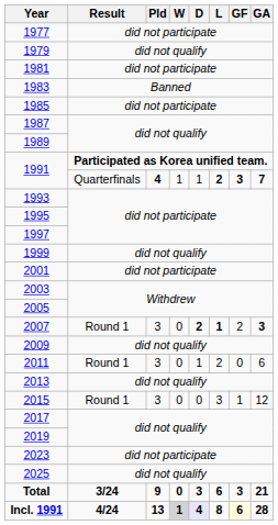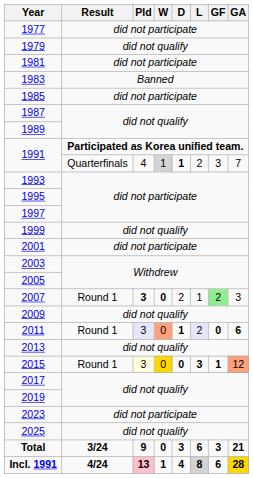 <table class="wikitable" style="text-align: center">
 <tr>
 <th width=80>Year</th>
 <th width=100>Result</th>
 <th width=20>Pld</th>
 <th width=20>W</th>
 <th width=20>D</th>
 <th width=20>L</th>
 <th width=20>GF</th>
 <th width=20>GA</th>
 </tr>
 <tr>
 <td> <a href='#'>1977</a></td>
 <td colspan=7><em>did not participate</em></td>
 </tr>
 <tr>
 <td> <a href='#'>1979</a></td>
 <td colspan=7><em>did not qualify</em></td>
 </tr>
 <tr>
 <td> <a href='#'>1981</a></td>
 <td colspan=7><em>did not participate</em></td>
 </tr>
 <tr>
 <td> <a href='#'>1983</a></td>
 <td colspan=7><em>Banned</em></td>
 </tr>
 <tr>
 <td> <a href='#'>1985</a></td>
 <td colspan=7><em>did not participate</em></td>
 </tr>
 <tr>
 <td> <a href='#'>1987</a></td>
 <td colspan=7 rowspan=2><em>did not qualify</em></td>
 </tr>
 <tr>
 <td> <a href='#'>1989</a></td>
 </tr>
 <tr>
 <td rowspan="2"> <a href='#'>1991</a></td>
 <td colspan="7"><strong>Participated as  Korea unified team.</strong></td>
 </tr>
 <tr>
 <td>Quarterfinals</td>
-<td><strong>4</strong></td>
-<td>1</td>
-<td>1</td>
-<td><strong>2</strong></td>
-<td><strong>3</strong></td>
-<td><strong>7</strong></td>
+<td>4</td>
+<td style="background: lightgrey;">1</td>
+<td><strong>1</strong></td>
+<td>2</td>
+<td>3</td>
+<td>7</td>
 </tr>
 <tr>
 <td> <a href='#'>1993</a></td>
 <td colspan=7 rowspan=3><em>did not participate</em></td>
 </tr>
 <tr>
 <td> <a href='#'>1995</a></td>
 </tr>
 <tr>
 <td> <a href='#'>1997</a></td>
 </tr>
 <tr>
 <td> <a href='#'>1999</a></td>
 <td colspan=7><em>did not qualify</em></td>
 </tr>
 <tr>
 <td> <a href='#'>2001</a></td>
 <td colspan=7><em>did not participate</em></td>
 </tr>
 <tr>
 <td> <a href='#'>2003</a></td>
 <td colspan=7 rowspan=2><em>Withdrew</em></td>
 </tr>
 <tr>
 <td> <a href='#'>2005</a></td>
 </tr>
 <tr>
 <td> <a href='#'>2007</a></td>
 <td>Round 1</td>
+<td><strong>3</strong></td>
+<td><strong>0</strong></td>
+<td>2</td>
+<td>1</td>
+<td style="background: lightgreen;">2</td>
 <td>3</td>
-<td>0</td>
-<td><strong>2</strong></td>
-<td><strong>1</strong></td>
-<td>2</td>
-<td><strong>3</strong></td>
 </tr>
 <tr>
 <td> <a href='#'>2009</a></td>
 <td colspan=7><em>did not qualify</em></td>
 </tr>
 <tr>
 <td> <a href='#'>2011</a></td>
 <td>Round 1</td>
-<td>3</td>
-<td>0</td>
-<td>1</td>
-<td>2</td>
-<td>0</td>
-<td>6</td>
+<td style="background: lavender;">3</td>
+<td style="background: lightsalmon;">0</td>
+<td><strong>1</strong></td>
+<td style="background: lavender;">2</td>
+<td><strong>0</strong></td>
+<td><strong>6</strong></td>
 </tr>
 <tr>
 <td> <a href='#'>2013</a></td>
 <td colspan=7><em>did not qualify</em></td>
 </tr>
 <tr>
 <td> <a href='#'>2015</a></td>
 <td>Round 1</td>
-<td>3</td>
-<td>0</td>
-<td>0</td>
-<td>3</td>
-<td>1</td>
-<td>12</td>
+<td style="background: lightyellow;">3</td>
+<td style="background: gold;">0</td>
+<td><strong>0</strong></td>
+<td><strong>3</strong></td>
+<td><strong>1</strong></td>
+<td style="background: lightsalmon;">12</td>
 </tr>
 <tr>
 <td> <a href='#'>2017</a></td>
 <td colspan=7 rowspan=2><em>did not qualify</em></td>
 </tr>
 <tr>
 <td> <a href='#'>2019</a></td>
 </tr>
 <tr>
 <td> <a href='#'>2023</a></td>
 <td colspan=7><em>did not participate</em></td>
 </tr>
 <tr>
 <td> <a href='#'>2025</a></td>
 <td colspan=7><em>did not qualify</em></td>
 </tr>
 <tr>
 <td><strong>Total</strong></td>
 <td><strong>3/24</strong></td>
 <td><strong>9</strong></td>
 <td><strong>0</strong></td>
 <td><strong>3</strong></td>
 <td><strong>6</strong></td>
 <td><strong>3</strong></td>
 <td><strong>21</strong></td>
 </tr>
 <tr>
 <td><strong>Incl. <a href='#'>1991</a></strong></td>
 <td><strong>4/24</strong></td>
-<td><strong>13</strong></td>
-<td style="background: lightgrey;"><strong>1</strong></td>
-<td style="background: lavender;"><strong>4</strong></td>
-<td><strong>8</strong></td>
-<td style="background: lightyellow;"><strong>6</strong></td>
-<td><strong>28</strong></td>
+<td style="background: pink;"><strong>13</strong></td>
+<td><strong>1</strong></td>
+<td><strong>4</strong></td>
+<td style="background: lightgrey;"><strong>8</strong></td>
+<td><strong>6</strong></td>
+<td style="background: gold;"><strong>28</strong></td>
 </tr>
 </table>
